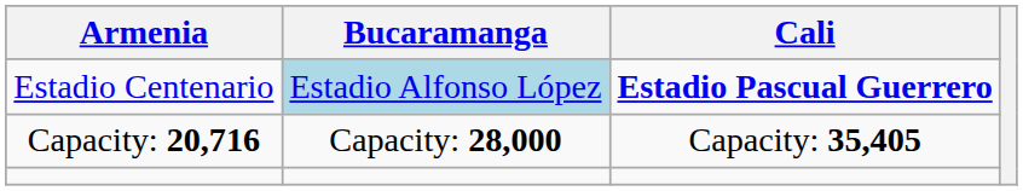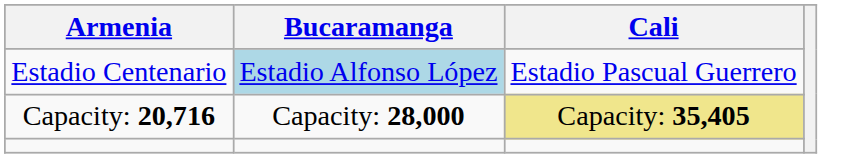 <table class="wikitable" style="text-align:center">
 <tr>
 <th><a href='#'>Armenia</a></th>
 <th><a href='#'>Bucaramanga</a></th>
 <th><a href='#'>Cali</a></th>
 <th rowspan="4"></th>
 </tr>
 <tr>
 <td><a href='#'>Estadio Centenario</a></td>
 <td style="background: lightblue;"><a href='#'>Estadio Alfonso López</a></td>
-<td><strong><a href='#'>Estadio Pascual Guerrero</a></strong></td>
+<td><a href='#'>Estadio Pascual Guerrero</a></td>
 </tr>
 <tr>
 <td>Capacity: <strong>20,716</strong></td>
 <td>Capacity: <strong>28,000</strong></td>
-<td>Capacity: <strong>35,405</strong></td>
+<td style="background: khaki;">Capacity: <strong>35,405</strong></td>
 </tr>
 <tr>
 <td></td>
 <td></td>
 <td></td>
 </tr>
 </table>
